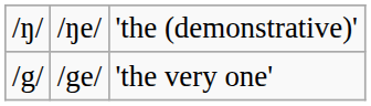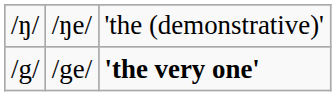 <table class="wikitable">
 <tr>
 <td>/ŋ/</td>
 <td>/ŋe/</td>
 <td>'the (demonstrative)'</td>
 </tr>
 <tr>
 <td>/g/</td>
 <td>/ge/</td>
-<td>'the very one'</td>
+<td><strong>'the very one'</strong></td>
 </tr>
 </table>
